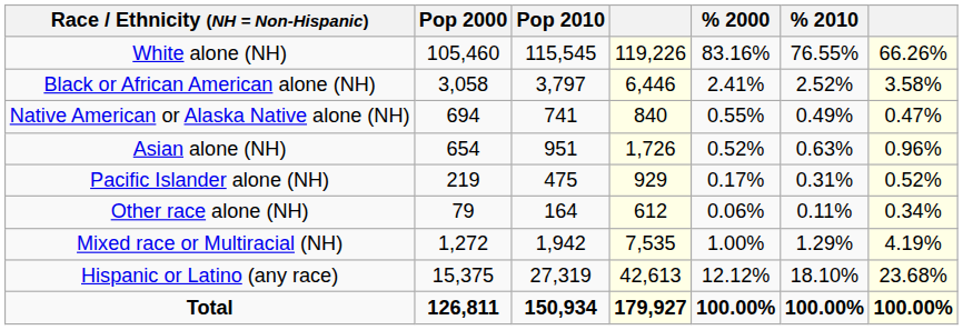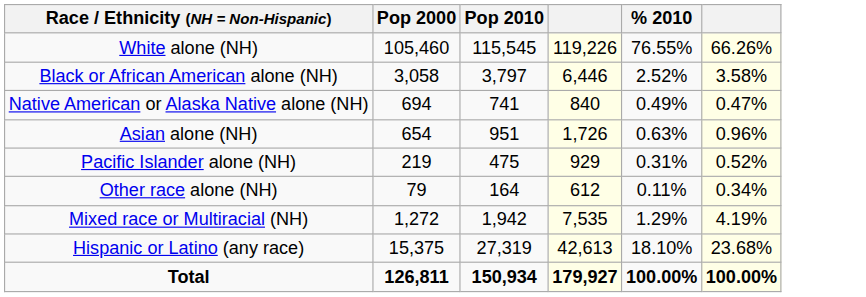 <table class="wikitable" style="text-align:center;">
 <tr>
 <th>Race / Ethnicity <small>(<em>NH = Non-Hispanic</em>)</small></th>
 <th>Pop 2000</th>
 <th>Pop 2010</th>
 <th></th>
-<th>% 2000</th>
 <th>% 2010</th>
 <th></th>
 </tr>
 <tr>
 <td><a href='#'>White</a> alone (NH)</td>
 <td>105,460</td>
 <td>115,545</td>
 <td style='background: #ffffe6;'>119,226</td>
-<td>83.16%</td>
 <td>76.55%</td>
 <td style='background: #ffffe6;'>66.26%</td>
 </tr>
 <tr>
 <td><a href='#'>Black or African American</a> alone (NH)</td>
 <td>3,058</td>
 <td>3,797</td>
 <td style='background: #ffffe6;'>6,446</td>
-<td>2.41%</td>
 <td>2.52%</td>
 <td style='background: #ffffe6;'>3.58%</td>
 </tr>
 <tr>
 <td><a href='#'>Native American</a> or <a href='#'>Alaska Native</a> alone (NH)</td>
 <td>694</td>
 <td>741</td>
 <td style='background: #ffffe6;'>840</td>
-<td>0.55%</td>
 <td>0.49%</td>
 <td style='background: #ffffe6;'>0.47%</td>
 </tr>
 <tr>
 <td><a href='#'>Asian</a> alone (NH)</td>
 <td>654</td>
 <td>951</td>
 <td style='background: #ffffe6;'>1,726</td>
-<td>0.52%</td>
 <td>0.63%</td>
 <td style='background: #ffffe6;'>0.96%</td>
 </tr>
 <tr>
 <td><a href='#'>Pacific Islander</a> alone (NH)</td>
 <td>219</td>
 <td>475</td>
 <td style='background: #ffffe6;'>929</td>
-<td>0.17%</td>
 <td>0.31%</td>
 <td style='background: #ffffe6;'>0.52%</td>
 </tr>
 <tr>
 <td><a href='#'>Other race</a>  alone (NH)</td>
 <td>79</td>
 <td>164</td>
 <td style='background: #ffffe6;'>612</td>
-<td>0.06%</td>
 <td>0.11%</td>
 <td style='background: #ffffe6;'>0.34%</td>
 </tr>
 <tr>
 <td><a href='#'>Mixed race or Multiracial</a> (NH)</td>
 <td>1,272</td>
 <td>1,942</td>
 <td style='background: #ffffe6;'>7,535</td>
-<td>1.00%</td>
 <td>1.29%</td>
 <td style='background: #ffffe6;'>4.19%</td>
 </tr>
 <tr>
 <td><a href='#'>Hispanic or Latino</a> (any race)</td>
 <td>15,375</td>
 <td>27,319</td>
 <td style='background: #ffffe6;'>42,613</td>
-<td>12.12%</td>
 <td>18.10%</td>
 <td style='background: #ffffe6;'>23.68%</td>
 </tr>
 <tr>
 <td><strong>Total</strong></td>
 <td><strong>126,811</strong></td>
 <td><strong>150,934</strong></td>
 <td style='background: #ffffe6;'><strong>179,927</strong></td>
 <td><strong>100.00%</strong></td>
-<td><strong>100.00%</strong></td>
 <td style='background: #ffffe6;'><strong>100.00%</strong></td>
 </tr>
 </table>
